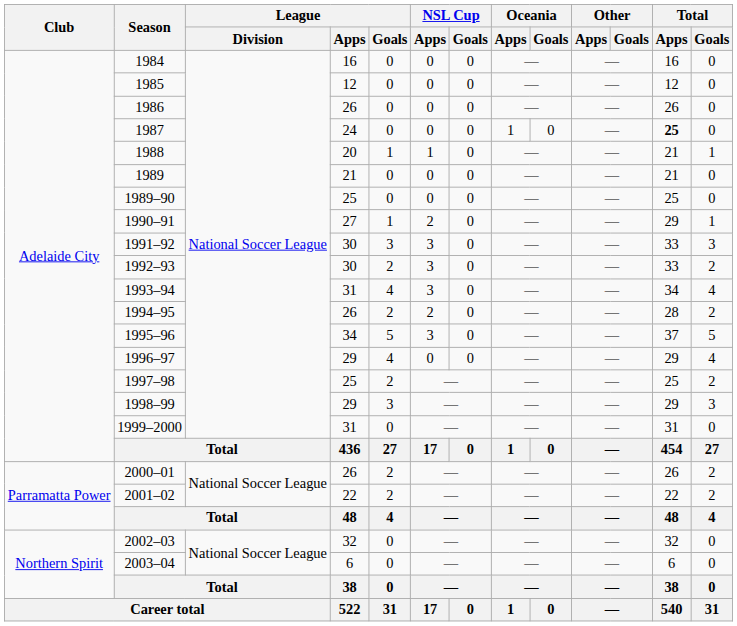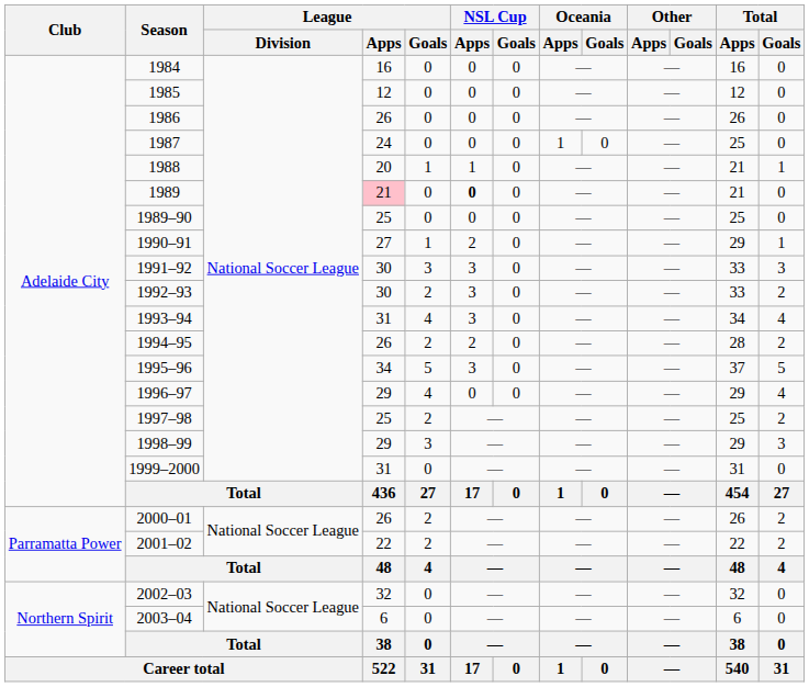 <table class="wikitable" style="text-align:center">
 <tr>
 <th rowspan="2">Club</th>
 <th rowspan="2">Season</th>
 <th colspan="3">League</th>
 <th colspan="2"><a href='#'>NSL Cup</a></th>
 <th colspan="2">Oceania</th>
 <th colspan="2">Other</th>
 <th colspan="2">Total</th>
 </tr>
 <tr>
 <th>Division</th>
 <th>Apps</th>
 <th>Goals</th>
 <th>Apps</th>
 <th>Goals</th>
 <th>Apps</th>
 <th>Goals</th>
 <th>Apps</th>
 <th>Goals</th>
 <th>Apps</th>
 <th>Goals</th>
 </tr>
 <tr>
 <td rowspan="18"><a href='#'>Adelaide City</a></td>
 <td>1984</td>
 <td rowspan="17"><a href='#'>National Soccer League</a></td>
 <td>16</td>
 <td>0</td>
 <td>0</td>
 <td>0</td>
 <td colspan="2">—</td>
 <td colspan="2">—</td>
 <td>16</td>
 <td>0</td>
 </tr>
 <tr>
 <td>1985</td>
 <td>12</td>
 <td>0</td>
 <td>0</td>
 <td>0</td>
 <td colspan="2">—</td>
 <td colspan="2">—</td>
 <td>12</td>
 <td>0</td>
 </tr>
 <tr>
 <td>1986</td>
 <td>26</td>
 <td>0</td>
 <td>0</td>
 <td>0</td>
 <td colspan="2">—</td>
 <td colspan="2">—</td>
 <td>26</td>
 <td>0</td>
 </tr>
 <tr>
 <td>1987</td>
 <td>24</td>
 <td>0</td>
 <td>0</td>
 <td>0</td>
 <td>1</td>
 <td>0</td>
 <td colspan="2">—</td>
-<td><strong>25</strong></td>
+<td>25</td>
 <td>0</td>
 </tr>
 <tr>
 <td>1988</td>
 <td>20</td>
 <td>1</td>
 <td>1</td>
 <td>0</td>
 <td colspan="2">—</td>
 <td colspan="2">—</td>
 <td>21</td>
 <td>1</td>
 </tr>
 <tr>
 <td>1989</td>
-<td>21</td>
+<td style="background: pink;">21</td>
 <td>0</td>
-<td>0</td>
+<td><strong>0</strong></td>
 <td>0</td>
 <td colspan="2">—</td>
 <td colspan="2">—</td>
 <td>21</td>
 <td>0</td>
 </tr>
 <tr>
 <td>1989–90</td>
 <td>25</td>
 <td>0</td>
 <td>0</td>
 <td>0</td>
 <td colspan="2">—</td>
 <td colspan="2">—</td>
 <td>25</td>
 <td>0</td>
 </tr>
 <tr>
 <td>1990–91</td>
 <td>27</td>
 <td>1</td>
 <td>2</td>
 <td>0</td>
 <td colspan="2">—</td>
 <td colspan="2">—</td>
 <td>29</td>
 <td>1</td>
 </tr>
 <tr>
 <td>1991–92</td>
 <td>30</td>
 <td>3</td>
 <td>3</td>
 <td>0</td>
 <td colspan="2">—</td>
 <td colspan="2">—</td>
 <td>33</td>
 <td>3</td>
 </tr>
 <tr>
 <td>1992–93</td>
 <td>30</td>
 <td>2</td>
 <td>3</td>
 <td>0</td>
 <td colspan="2">—</td>
 <td colspan="2">—</td>
 <td>33</td>
 <td>2</td>
 </tr>
 <tr>
 <td>1993–94</td>
 <td>31</td>
 <td>4</td>
 <td>3</td>
 <td>0</td>
 <td colspan="2">—</td>
 <td colspan="2">—</td>
 <td>34</td>
 <td>4</td>
 </tr>
 <tr>
 <td>1994–95</td>
 <td>26</td>
 <td>2</td>
 <td>2</td>
 <td>0</td>
 <td colspan="2">—</td>
 <td colspan="2">—</td>
 <td>28</td>
 <td>2</td>
 </tr>
 <tr>
 <td>1995–96</td>
 <td>34</td>
 <td>5</td>
 <td>3</td>
 <td>0</td>
 <td colspan="2">—</td>
 <td colspan="2">—</td>
 <td>37</td>
 <td>5</td>
 </tr>
 <tr>
 <td>1996–97</td>
 <td>29</td>
 <td>4</td>
 <td>0</td>
 <td>0</td>
 <td colspan="2">—</td>
 <td colspan="2">—</td>
 <td>29</td>
 <td>4</td>
 </tr>
 <tr>
 <td>1997–98</td>
 <td>25</td>
 <td>2</td>
 <td colspan="2">—</td>
 <td colspan="2">—</td>
 <td colspan="2">—</td>
 <td>25</td>
 <td>2</td>
 </tr>
 <tr>
 <td>1998–99</td>
 <td>29</td>
 <td>3</td>
 <td colspan="2">—</td>
 <td colspan="2">—</td>
 <td colspan="2">—</td>
 <td>29</td>
 <td>3</td>
 </tr>
 <tr>
 <td>1999–2000</td>
 <td>31</td>
 <td>0</td>
 <td colspan="2">—</td>
 <td colspan="2">—</td>
 <td colspan="2">—</td>
 <td>31</td>
 <td>0</td>
 </tr>
 <tr>
 <th colspan="2">Total</th>
 <th>436</th>
 <th>27</th>
 <th>17</th>
 <th>0</th>
 <th>1</th>
 <th>0</th>
 <th colspan="2">—</th>
 <th>454</th>
 <th>27</th>
 </tr>
 <tr>
 <td rowspan="3"><a href='#'>Parramatta Power</a></td>
 <td>2000–01</td>
 <td rowspan="2">National Soccer League</td>
 <td>26</td>
 <td>2</td>
 <td colspan="2">—</td>
 <td colspan="2">—</td>
 <td colspan="2">—</td>
 <td>26</td>
 <td>2</td>
 </tr>
 <tr>
 <td>2001–02</td>
 <td>22</td>
 <td>2</td>
 <td colspan="2">—</td>
 <td colspan="2">—</td>
 <td colspan="2">—</td>
 <td>22</td>
 <td>2</td>
 </tr>
 <tr>
 <th colspan="2">Total</th>
 <th>48</th>
 <th>4</th>
 <th colspan="2">—</th>
 <th colspan="2">—</th>
 <th colspan="2">—</th>
 <th>48</th>
 <th>4</th>
 </tr>
 <tr>
 <td rowspan="3"><a href='#'>Northern Spirit</a></td>
 <td>2002–03</td>
 <td rowspan="2">National Soccer League</td>
 <td>32</td>
 <td>0</td>
 <td colspan="2">—</td>
 <td colspan="2">—</td>
 <td colspan="2">—</td>
 <td>32</td>
 <td>0</td>
 </tr>
 <tr>
 <td>2003–04</td>
 <td>6</td>
 <td>0</td>
 <td colspan="2">—</td>
 <td colspan="2">—</td>
 <td colspan="2">—</td>
 <td>6</td>
 <td>0</td>
 </tr>
 <tr>
 <th colspan="2">Total</th>
 <th>38</th>
 <th>0</th>
 <th colspan="2">—</th>
 <th colspan="2">—</th>
 <th colspan="2">—</th>
 <th>38</th>
 <th>0</th>
 </tr>
 <tr>
 <th colspan="3">Career total</th>
 <th>522</th>
 <th>31</th>
 <th>17</th>
 <th>0</th>
 <th>1</th>
 <th>0</th>
 <th colspan="2">—</th>
 <th>540</th>
 <th>31</th>
 </tr>
 </table>
